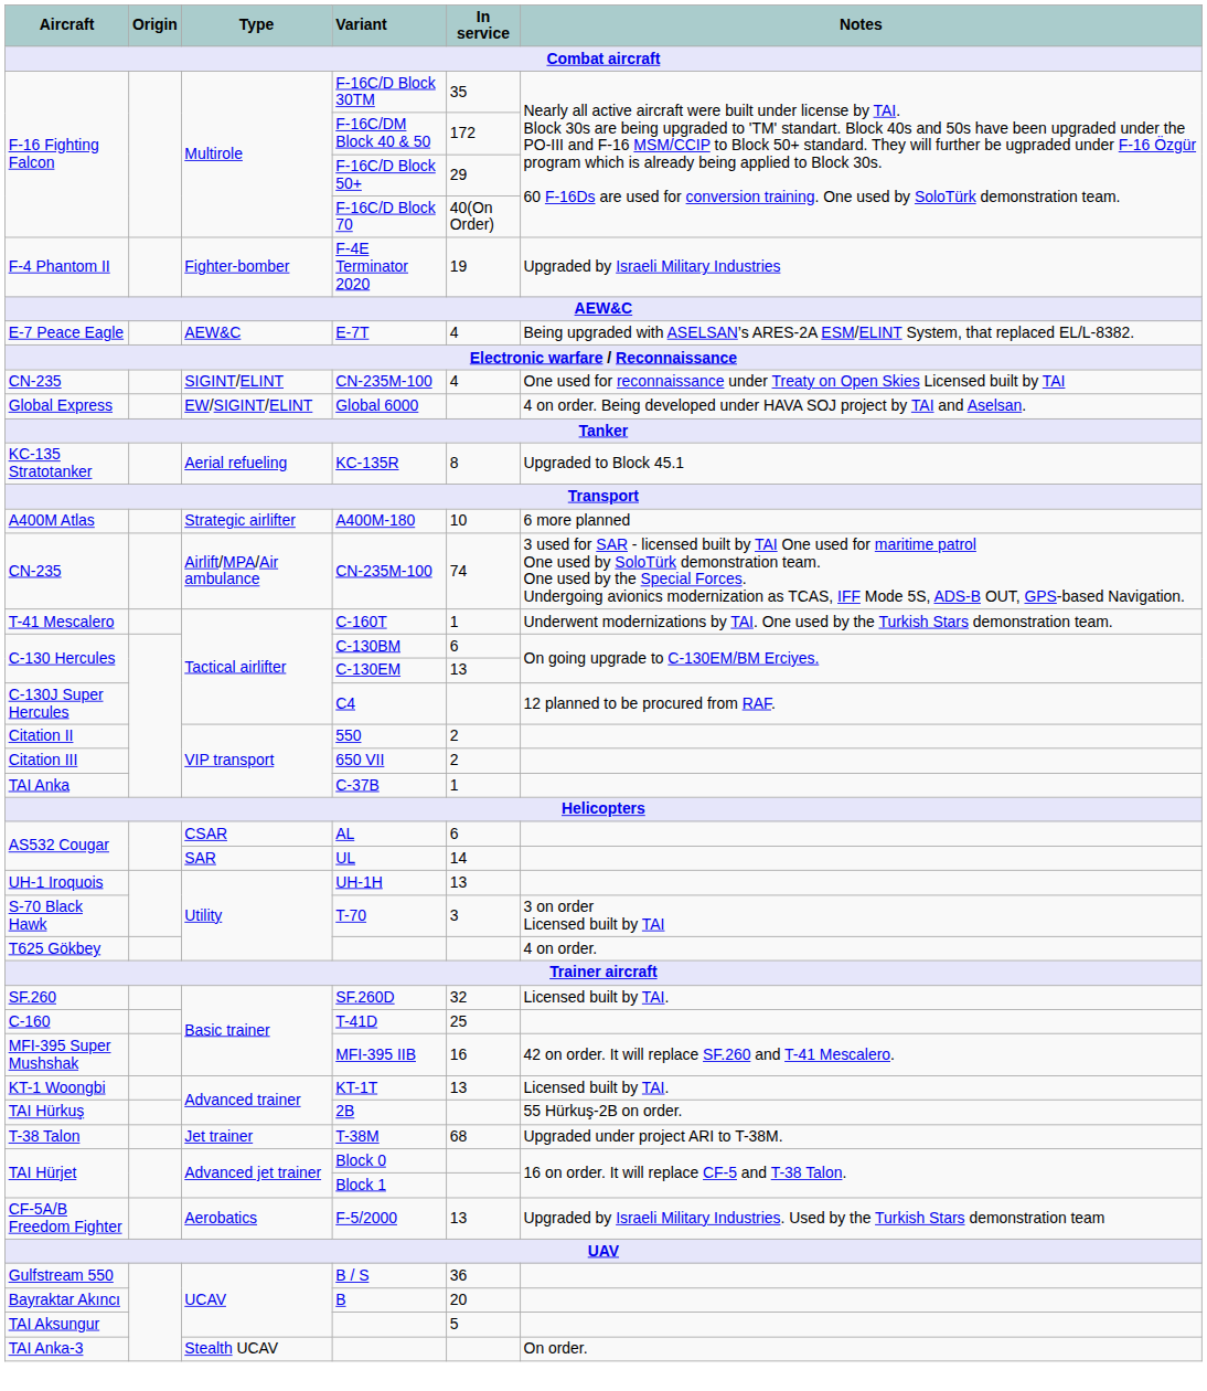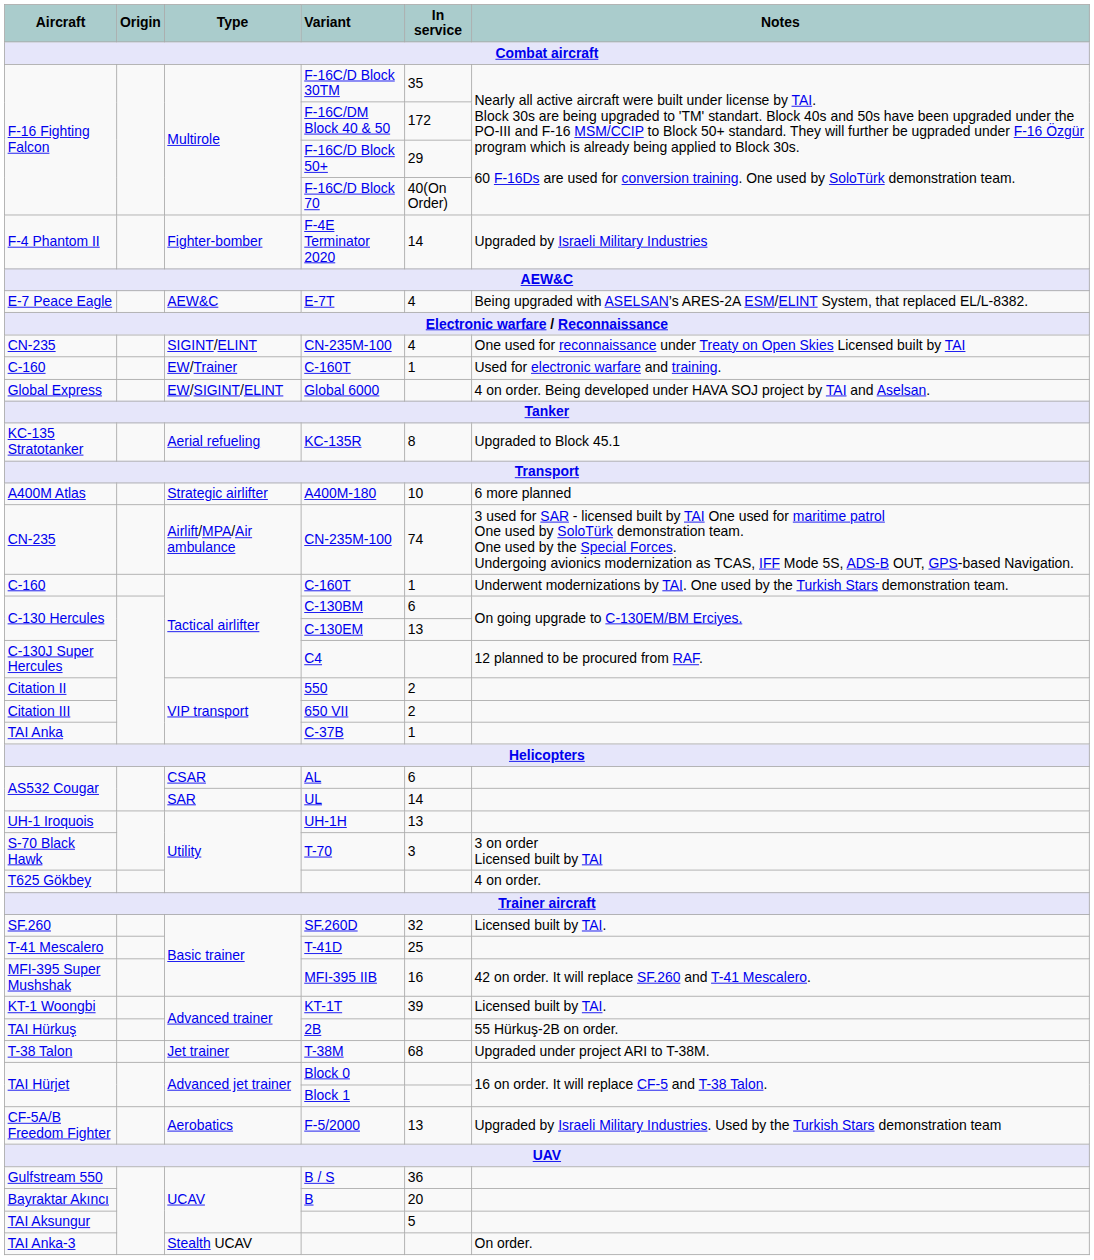 <table class="wikitable">
 <tr>
 <th style="text-align:center; background:#acc;">Aircraft</th>
 <th style="text-align: center; background:#acc;">Origin</th>
 <th style="text-align:l center; background:#acc;">Type</th>
 <th style="text-align:left; background:#acc;">Variant</th>
 <th style="text-align:center; background:#acc;">In service</th>
 <th style="text-align: center; background:#acc;">Notes</th>
 </tr>
 <tr>
 <th style="align: center; background: lavender;" colspan="6"><a href='#'>Combat aircraft</a></th>
 </tr>
 <tr>
 <td rowspan="4"><a href='#'>F-16 Fighting Falcon</a></td>
 <td rowspan="4"><br></td>
 <td rowspan="4"><a href='#'>Multirole</a></td>
 <td><a href='#'>F-16C/D Block 30TM</a></td>
 <td>35</td>
 <td rowspan="4">Nearly all active aircraft were built under license by <a href='#'>TAI</a>.<br>Block 30s are being upgraded to 'TM' standart. Block 40s and 50s have been upgraded under the PO-III and F-16 <a href='#'>MSM/CCIP</a> to Block 50+ standard. They will further be ugpraded under <a href='#'>F-16 Özgür</a> program which is already being applied to Block 30s. <br><br>60 <a href='#'>F-16Ds</a> are used for <a href='#'>conversion training</a>. One used by <a href='#'>SoloTürk</a> demonstration team.</td>
 </tr>
 <tr>
 <td><a href='#'>F-16C/DM Block 40 & 50</a></td>
 <td>172</td>
 </tr>
 <tr>
 <td><a href='#'>F-16C/D Block 50+</a></td>
 <td>29</td>
 </tr>
 <tr>
 <td><a href='#'>F-16C/D Block 70</a></td>
 <td>40(On Order)</td>
 </tr>
 <tr>
 <td><a href='#'>F-4 Phantom II</a></td>
 <td><br></td>
 <td><a href='#'>Fighter-bomber</a></td>
 <td><a href='#'>F-4E Terminator 2020</a></td>
-<td>19</td>
+<td>14</td>
 <td>Upgraded by <a href='#'>Israeli Military Industries</a></td>
 </tr>
 <tr>
 <th style="align: center; background: lavender;" colspan="6"><a href='#'>AEW&C</a></th>
 </tr>
 <tr>
 <td><a href='#'>E-7 Peace Eagle</a></td>
 <td></td>
 <td><a href='#'>AEW&C</a></td>
 <td><a href='#'>E-7T</a></td>
 <td>4</td>
 <td>Being upgraded with <a href='#'>ASELSAN</a>’s ARES-2A <a href='#'>ESM</a>/<a href='#'>ELINT</a> System, that replaced EL/L-8382.</td>
 </tr>
 <tr>
 <th style="align: center; background: lavender;" colspan="6"><a href='#'>Electronic warfare</a> / <a href='#'>Reconnaissance</a></th>
 </tr>
 <tr>
 <td><a href='#'>CN-235</a></td>
 <td></td>
 <td><a href='#'>SIGINT</a>/<a href='#'>ELINT</a></td>
 <td><a href='#'>CN-235M-100</a></td>
 <td>4</td>
 <td>One used for <a href='#'>reconnaissance</a> under <a href='#'>Treaty on Open Skies</a> Licensed built by <a href='#'>TAI</a></td>
+</tr>
+<tr>
+<td><a href='#'>C-160</a></td>
+<td></td>
+<td><a href='#'>EW</a>/<a href='#'>Trainer</a></td>
+<td><a href='#'>C-160T</a></td>
+<td>1</td>
+<td>Used for <a href='#'>electronic warfare</a> and <a href='#'>training</a>.</td>
 </tr>
 <tr>
 <td><a href='#'>Global Express</a></td>
 <td></td>
 <td><a href='#'>EW</a>/<a href='#'>SIGINT</a>/<a href='#'>ELINT</a></td>
 <td><a href='#'>Global 6000</a></td>
 <td></td>
 <td>4 on order. Being developed under HAVA SOJ project by <a href='#'>TAI</a> and <a href='#'>Aselsan</a>.</td>
 </tr>
 <tr>
 <th style="align: center; background: lavender;" colspan="6"><a href='#'>Tanker</a></th>
 </tr>
 <tr>
 <td><a href='#'>KC-135 Stratotanker</a></td>
 <td></td>
 <td><a href='#'>Aerial refueling</a></td>
 <td><a href='#'>KC-135R</a></td>
 <td>8</td>
 <td>Upgraded to Block 45.1</td>
 </tr>
 <tr>
 <th style="align: center; background: lavender;" colspan="6"><a href='#'>Transport</a></th>
 </tr>
 <tr>
 <td><a href='#'>A400M Atlas</a></td>
 <td></td>
 <td><a href='#'>Strategic airlifter</a></td>
 <td><a href='#'>A400M-180</a></td>
 <td>10</td>
 <td>6 more planned</td>
 </tr>
 <tr>
 <td><a href='#'>CN-235</a></td>
 <td></td>
 <td><a href='#'>Airlift</a>/<a href='#'>MPA</a>/<a href='#'>Air ambulance</a></td>
 <td><a href='#'>CN-235M-100</a></td>
 <td>74</td>
 <td>3 used for <a href='#'>SAR</a> - licensed built by <a href='#'>TAI</a> One used for <a href='#'>maritime patrol</a><br>One used by <a href='#'>SoloTürk</a> demonstration team.<br>One used by the <a href='#'>Special Forces</a>.<br>Undergoing avionics modernization as TCAS, <a href='#'>IFF</a> Mode 5S, <a href='#'>ADS-B</a> OUT, <a href='#'>GPS</a>-based Navigation.</td>
 </tr>
 <tr>
-<td><a href='#'>T-41 Mescalero</a></td>
+<td><a href='#'>C-160</a></td>
 <td></td>
 <td rowspan="4"><a href='#'>Tactical airlifter</a></td>
 <td><a href='#'>C-160T</a></td>
 <td>1</td>
 <td>Underwent modernizations by <a href='#'>TAI</a>. One used by the <a href='#'>Turkish Stars</a> demonstration team.</td>
 </tr>
 <tr>
 <td rowspan="2"><a href='#'>C-130 Hercules</a></td>
 <td rowspan="6"></td>
 <td><a href='#'>C-130BM</a></td>
 <td>6</td>
 <td rowspan="2">On going upgrade to <a href='#'>C-130EM/BM Erciyes.</a></td>
 </tr>
 <tr>
 <td><a href='#'>C-130EM</a></td>
 <td>13</td>
 </tr>
 <tr>
 <td><a href='#'>C-130J Super Hercules</a></td>
 <td><a href='#'>C4</a></td>
 <td></td>
 <td>12 planned to be procured from <a href='#'>RAF</a>.</td>
 </tr>
 <tr>
 <td><a href='#'>Citation II</a></td>
 <td rowspan="3"><a href='#'>VIP transport</a></td>
 <td><a href='#'>550</a></td>
 <td>2</td>
 <td></td>
 </tr>
 <tr>
 <td><a href='#'>Citation III</a></td>
 <td><a href='#'>650 VII</a></td>
 <td>2</td>
 <td></td>
 </tr>
 <tr>
 <td><a href='#'>TAI Anka</a></td>
 <td><a href='#'>C-37B</a></td>
 <td>1</td>
 <td></td>
 </tr>
 <tr>
 <th style="align: center; background: lavender;" colspan="6"><a href='#'>Helicopters</a></th>
 </tr>
 <tr>
 <td rowspan="2"><a href='#'>AS532 Cougar</a></td>
 <td rowspan="2"></td>
 <td utility /><a href='#'>CSAR</a></td>
 <td><a href='#'>AL</a></td>
 <td>6</td>
 <td></td>
 </tr>
 <tr>
 <td><a href='#'>SAR</a></td>
 <td><a href='#'>UL</a></td>
 <td>14</td>
 <td></td>
 </tr>
 <tr>
 <td><a href='#'>UH-1 Iroquois</a></td>
 <td rowspan="2"></td>
 <td rowspan="3"><a href='#'>Utility</a></td>
 <td><a href='#'>UH-1H</a></td>
 <td>13</td>
 <td></td>
 </tr>
 <tr>
 <td><a href='#'>S-70 Black Hawk</a></td>
 <td><a href='#'>T-70</a></td>
 <td>3</td>
 <td>3 on order<br>Licensed built by <a href='#'>TAI</a></td>
 </tr>
 <tr>
 <td><a href='#'>T625 Gökbey</a></td>
 <td></td>
 <td></td>
 <td></td>
 <td>4 on order.</td>
 </tr>
 <tr>
 <th style="align: center; background: lavender;" colspan="6"><a href='#'>Trainer aircraft</a></th>
 </tr>
 <tr>
 <td><a href='#'>SF.260</a></td>
 <td></td>
 <td rowspan="3"><a href='#'>Basic trainer</a></td>
 <td><a href='#'>SF.260D</a></td>
 <td>32</td>
 <td>Licensed built by <a href='#'>TAI</a>.</td>
 </tr>
 <tr>
-<td><a href='#'>C-160</a></td>
+<td><a href='#'>T-41 Mescalero</a></td>
 <td></td>
 <td><a href='#'>T-41D</a></td>
 <td>25</td>
 <td></td>
 </tr>
 <tr>
 <td><a href='#'>MFI-395 Super Mushshak</a></td>
 <td></td>
 <td><a href='#'>MFI-395 IIB</a></td>
 <td>16</td>
 <td>42 on order. It will replace <a href='#'>SF.260</a> and <a href='#'>T-41 Mescalero</a>.</td>
 </tr>
 <tr>
 <td><a href='#'>KT-1 Woongbi</a></td>
 <td></td>
 <td rowspan="2"><a href='#'>Advanced trainer</a></td>
 <td><a href='#'>KT-1T</a></td>
-<td>13</td>
+<td>39</td>
 <td>Licensed built by <a href='#'>TAI</a>.</td>
 </tr>
 <tr>
 <td><a href='#'>TAI Hürkuş</a></td>
 <td></td>
 <td><a href='#'>2B</a></td>
 <td></td>
 <td>55 Hürkuş-2B on order.</td>
 </tr>
 <tr>
 <td><a href='#'>T-38 Talon</a></td>
 <td></td>
 <td><a href='#'>Jet trainer</a></td>
 <td><a href='#'>T-38M</a></td>
 <td>68</td>
 <td>Upgraded under project ARI to T-38M.</td>
 </tr>
 <tr>
 <td rowspan="2"><a href='#'>TAI Hürjet</a></td>
 <td rowspan="2"></td>
 <td rowspan="2"><a href='#'>Advanced jet trainer</a></td>
 <td><a href='#'>Block 0</a></td>
 <td></td>
 <td rowspan="2">16 on order. It will replace <a href='#'>CF-5</a> and <a href='#'>T-38 Talon</a>.</td>
 </tr>
 <tr>
 <td><a href='#'>Block 1</a></td>
 <td></td>
 </tr>
 <tr>
 <td><a href='#'>CF-5A/B Freedom Fighter</a></td>
 <td><br></td>
 <td><a href='#'>Aerobatics</a></td>
 <td><a href='#'>F-5/2000</a></td>
 <td>13</td>
 <td>Upgraded by <a href='#'>Israeli Military Industries</a>. Used by the <a href='#'>Turkish Stars</a> demonstration team</td>
 </tr>
 <tr>
 <th style="align: center; background: lavender;" colspan="6"><a href='#'>UAV</a></th>
 </tr>
 <tr>
 <td><a href='#'>Gulfstream 550</a></td>
 <td rowspan="4"></td>
 <td rowspan="3"><a href='#'>UCAV</a></td>
 <td><a href='#'>B / S</a></td>
 <td>36</td>
 <td></td>
 </tr>
 <tr>
 <td><a href='#'>Bayraktar Akıncı</a></td>
 <td><a href='#'>B</a></td>
 <td>20</td>
 <td></td>
 </tr>
 <tr>
 <td><a href='#'>TAI Aksungur</a></td>
 <td></td>
 <td>5</td>
 <td></td>
 </tr>
 <tr>
 <td><a href='#'>TAI Anka-3</a></td>
 <td><a href='#'>Stealth</a> UCAV</td>
 <td></td>
 <td></td>
 <td>On order.</td>
 </tr>
 </table>
